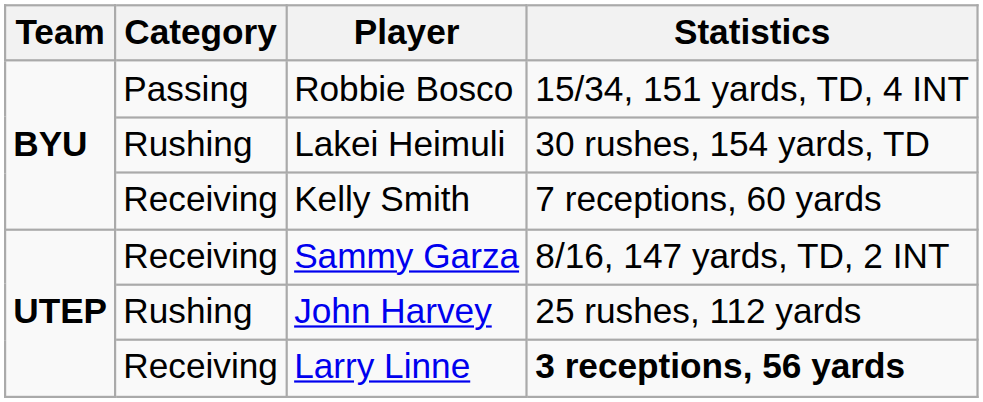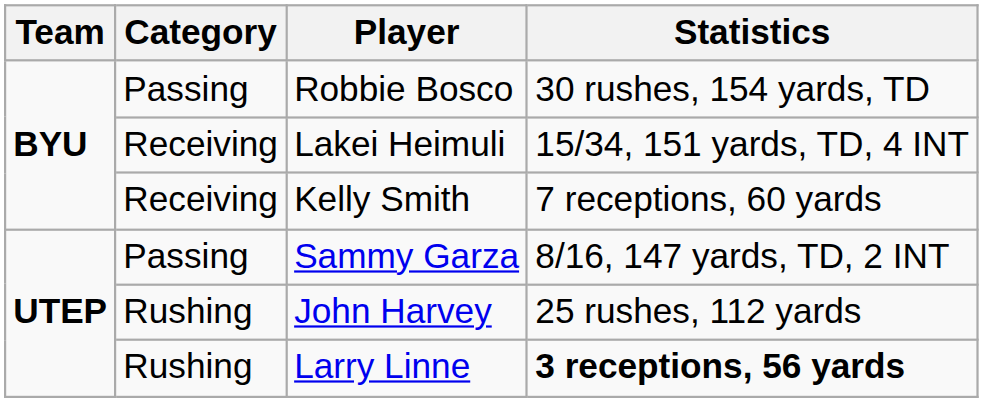 <table class="wikitable" style="float: left;">
 <tr>
 <th>Team</th>
 <th>Category</th>
 <th>Player</th>
 <th>Statistics</th>
 </tr>
 <tr>
 <td rowspan=3><strong>BYU</strong></td>
 <td>Passing</td>
 <td>Robbie Bosco</td>
-<td>15/34, 151 yards, TD, 4 INT</td>
+<td>30 rushes, 154 yards, TD</td>
 </tr>
 <tr>
-<td>Rushing</td>
+<td>Receiving</td>
 <td>Lakei Heimuli</td>
-<td>30 rushes, 154 yards, TD</td>
+<td>15/34, 151 yards, TD, 4 INT</td>
 </tr>
 <tr>
 <td>Receiving</td>
 <td>Kelly Smith</td>
 <td>7 receptions, 60 yards</td>
 </tr>
 <tr>
 <td rowspan=3><strong>UTEP</strong></td>
-<td>Receiving</td>
+<td>Passing</td>
 <td><a href='#'>Sammy Garza</a></td>
 <td>8/16, 147 yards, TD, 2 INT</td>
 </tr>
 <tr>
 <td>Rushing</td>
 <td><a href='#'>John Harvey</a></td>
 <td>25 rushes, 112 yards</td>
 </tr>
 <tr>
-<td>Receiving</td>
+<td>Rushing</td>
 <td><a href='#'>Larry Linne</a></td>
 <td><strong>3 receptions, 56 yards</strong></td>
 </tr>
 </table>
